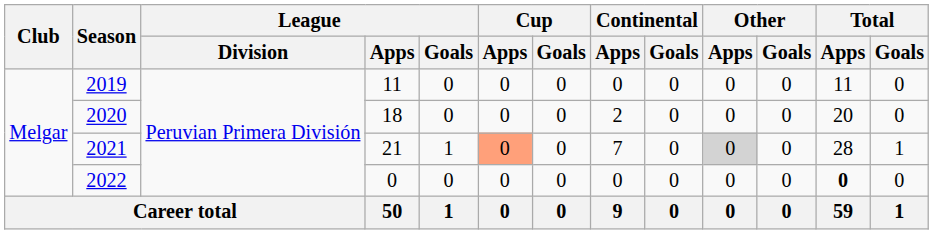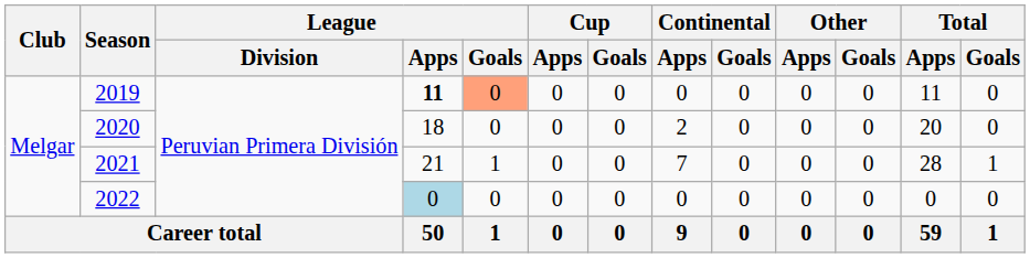 <table class="wikitable" style="text-align: center">
 <tr>
 <th rowspan="2">Club</th>
 <th rowspan="2">Season</th>
 <th colspan="3">League</th>
 <th colspan="2">Cup</th>
 <th colspan="2">Continental</th>
 <th colspan="2">Other</th>
 <th colspan="2">Total</th>
 </tr>
 <tr>
 <th>Division</th>
 <th>Apps</th>
 <th>Goals</th>
 <th>Apps</th>
 <th>Goals</th>
 <th>Apps</th>
 <th>Goals</th>
 <th>Apps</th>
 <th>Goals</th>
 <th>Apps</th>
 <th>Goals</th>
 </tr>
 <tr>
 <td rowspan="4"><a href='#'>Melgar</a></td>
 <td><a href='#'>2019</a></td>
 <td rowspan="4"><a href='#'>Peruvian Primera División</a></td>
-<td>11</td>
-<td>0</td>
+<td><strong>11</strong></td>
+<td style="background: lightsalmon;">0</td>
 <td>0</td>
 <td>0</td>
 <td>0</td>
 <td>0</td>
 <td>0</td>
 <td>0</td>
 <td>11</td>
 <td>0</td>
 </tr>
 <tr>
 <td><a href='#'>2020</a></td>
 <td>18</td>
 <td>0</td>
 <td>0</td>
 <td>0</td>
 <td>2</td>
 <td>0</td>
 <td>0</td>
 <td>0</td>
 <td>20</td>
 <td>0</td>
 </tr>
 <tr>
 <td><a href='#'>2021</a></td>
 <td>21</td>
 <td>1</td>
-<td style="background: lightsalmon;">0</td>
+<td>0</td>
 <td>0</td>
 <td>7</td>
 <td>0</td>
-<td style="background: lightgrey;">0</td>
+<td>0</td>
 <td>0</td>
 <td>28</td>
 <td>1</td>
 </tr>
 <tr>
 <td><a href='#'>2022</a></td>
+<td style="background: lightblue;">0</td>
 <td>0</td>
 <td>0</td>
 <td>0</td>
 <td>0</td>
 <td>0</td>
 <td>0</td>
 <td>0</td>
 <td>0</td>
-<td><strong>0</strong></td>
 <td>0</td>
 </tr>
 <tr>
 <th colspan="3"><strong>Career total</strong></th>
 <th>50</th>
 <th>1</th>
 <th>0</th>
 <th>0</th>
 <th>9</th>
 <th>0</th>
 <th>0</th>
 <th>0</th>
 <th>59</th>
 <th>1</th>
 </tr>
 </table>
